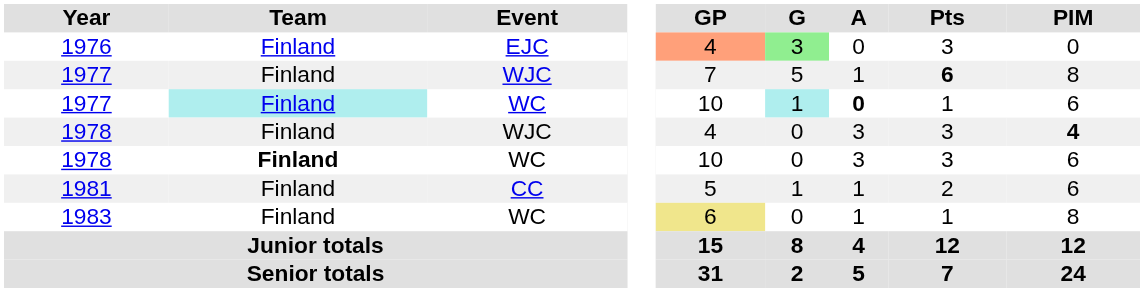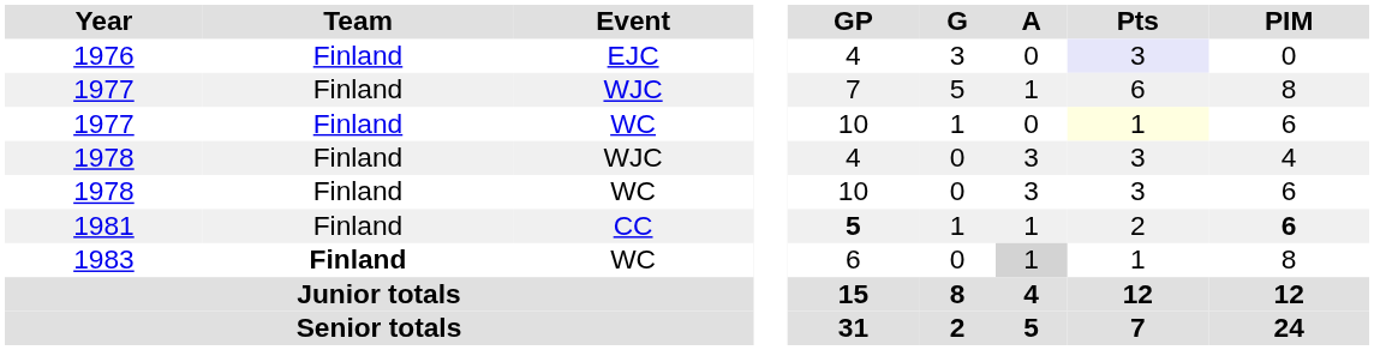 <table border="0" cellpadding="1" cellspacing="0" style="text-align:center; width:50em">
 <tr ALIGN="center" bgcolor="#e0e0e0">
 <th>Year</th>
 <th>Team</th>
 <th>Event</th>
 <th rowspan="99" bgcolor="#ffffff"> </th>
 <th>GP</th>
 <th>G</th>
 <th>A</th>
 <th>Pts</th>
 <th>PIM</th>
 </tr>
 <tr>
 <td><a href='#'>1976</a></td>
 <td><a href='#'>Finland</a></td>
 <td><a href='#'>EJC</a></td>
-<td style="background: lightsalmon;">4</td>
-<td style="background: lightgreen;">3</td>
+<td>4</td>
+<td>3</td>
 <td>0</td>
-<td>3</td>
+<td style="background: lavender;">3</td>
 <td>0</td>
 </tr>
 <tr bgcolor="#f0f0f0">
 <td><a href='#'>1977</a></td>
 <td>Finland</td>
 <td><a href='#'>WJC</a></td>
 <td>7</td>
 <td>5</td>
 <td>1</td>
-<td><strong>6</strong></td>
+<td>6</td>
 <td>8</td>
 </tr>
 <tr>
 <td><a href='#'>1977</a></td>
-<td style="background: paleturquoise;"><a href='#'>Finland</a></td>
+<td><a href='#'>Finland</a></td>
 <td><a href='#'>WC</a></td>
 <td>10</td>
-<td style="background: paleturquoise;">1</td>
-<td><strong>0</strong></td>
 <td>1</td>
+<td>0</td>
+<td style="background: lightyellow;">1</td>
 <td>6</td>
 </tr>
 <tr bgcolor="#f0f0f0">
 <td><a href='#'>1978</a></td>
 <td>Finland</td>
 <td>WJC</td>
 <td>4</td>
 <td>0</td>
 <td>3</td>
 <td>3</td>
-<td><strong>4</strong></td>
+<td>4</td>
 </tr>
 <tr>
 <td><a href='#'>1978</a></td>
-<td><strong>Finland</strong></td>
+<td>Finland</td>
 <td>WC</td>
 <td>10</td>
 <td>0</td>
 <td>3</td>
 <td>3</td>
 <td>6</td>
 </tr>
 <tr bgcolor="#f0f0f0">
 <td><a href='#'>1981</a></td>
 <td>Finland</td>
 <td><a href='#'>CC</a></td>
-<td>5</td>
+<td><strong>5</strong></td>
 <td>1</td>
 <td>1</td>
 <td>2</td>
-<td>6</td>
+<td><strong>6</strong></td>
 </tr>
 <tr>
 <td><a href='#'>1983</a></td>
-<td>Finland</td>
+<td><strong>Finland</strong></td>
 <td>WC</td>
-<td style="background: khaki;">6</td>
+<td>6</td>
 <td>0</td>
-<td>1</td>
+<td style="background: lightgrey;">1</td>
 <td>1</td>
 <td>8</td>
 </tr>
 <tr bgcolor="#e0e0e0">
 <th colspan=3>Junior totals</th>
 <th>15</th>
 <th>8</th>
 <th>4</th>
 <th>12</th>
 <th>12</th>
 </tr>
 <tr bgcolor="#e0e0e0">
 <th colspan=3>Senior totals</th>
 <th>31</th>
 <th>2</th>
 <th>5</th>
 <th>7</th>
 <th>24</th>
 </tr>
 </table>
